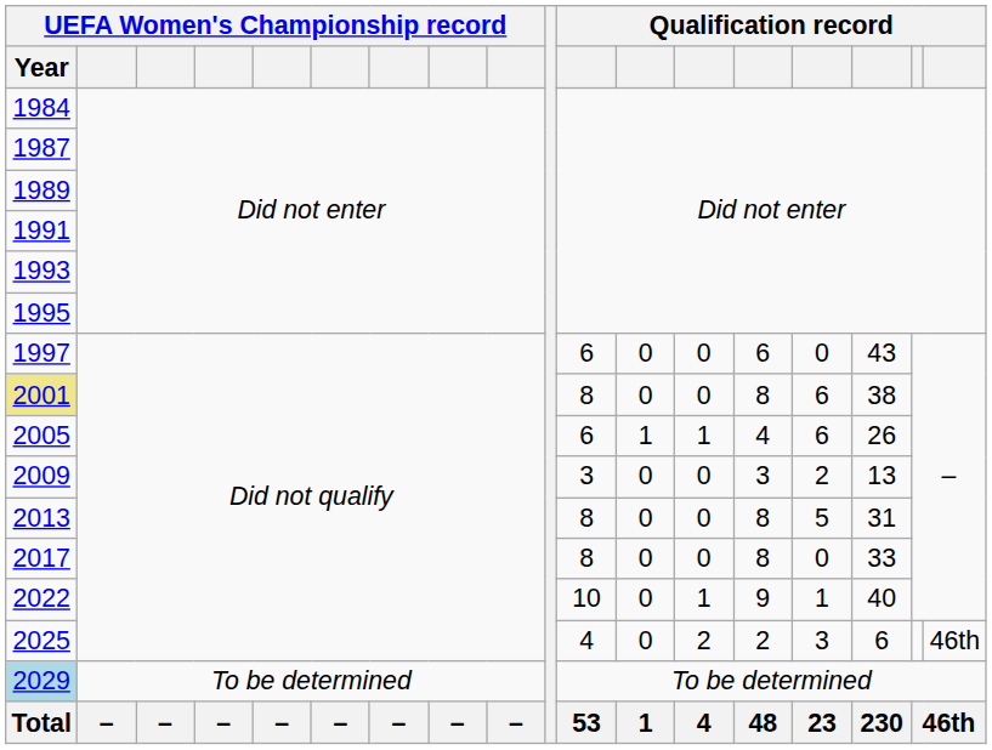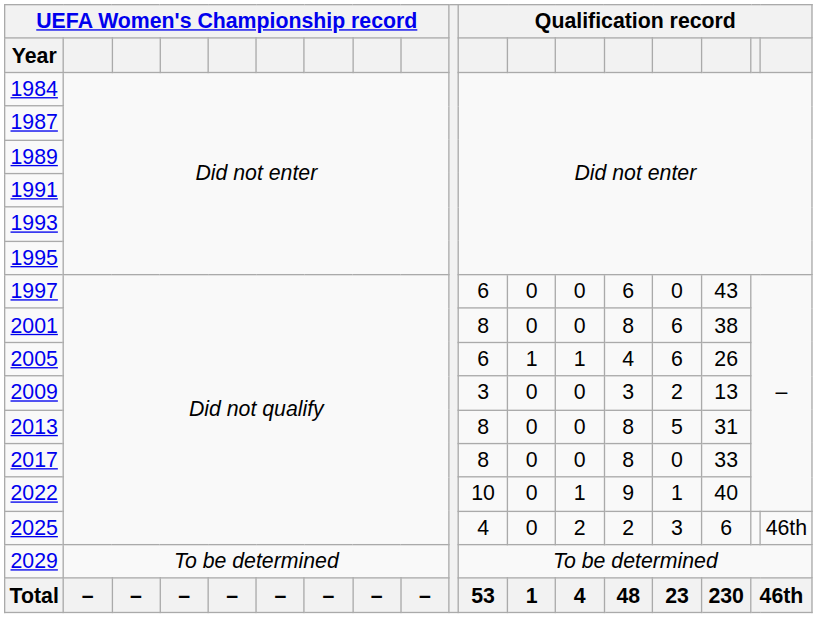 <table class="wikitable" style="text-align: center;">
 <tr>
 <th colspan=9><a href='#'>UEFA Women's Championship record</a></th>
 <th rowspan=100></th>
 <th colspan=8>Qualification record</th>
 </tr>
 <tr>
 <th>Year</th>
 <th width=30></th>
 <th width=30></th>
 <th width=30></th>
 <th width=30></th>
 <th width=30></th>
 <th width=30></th>
 <th width=30></th>
 <th width=30><br></th>
 <th width=30></th>
 <th width=30></th>
 <th width=30></th>
 <th width=30></th>
 <th width=30></th>
 <th width=30></th>
 <th></th>
 <th></th>
 </tr>
 <tr>
 <td>    <a href='#'>1984</a></td>
 <td rowspan=6 colspan=8><em>Did not enter</em></td>
 <td rowspan=6 colspan=8><em>Did not enter</em></td>
 </tr>
 <tr>
 <td> <a href='#'>1987</a></td>
 </tr>
 <tr>
 <td> <a href='#'>1989</a></td>
 </tr>
 <tr>
 <td> <a href='#'>1991</a></td>
 </tr>
 <tr>
 <td> <a href='#'>1993</a></td>
 </tr>
 <tr>
 <td>    <a href='#'>1995</a></td>
 </tr>
 <tr>
 <td>  <a href='#'>1997</a></td>
 <td rowspan=8 colspan=8><em>Did not qualify</em></td>
 <td>6</td>
 <td>0</td>
 <td>0</td>
 <td>6</td>
 <td>0</td>
 <td>43</td>
 <td colspan=2 rowspan=7>–</td>
 </tr>
 <tr>
-<td style="background: khaki;"> <a href='#'>2001</a></td>
+<td> <a href='#'>2001</a></td>
 <td>8</td>
 <td>0</td>
 <td>0</td>
 <td>8</td>
 <td>6</td>
 <td>38</td>
 </tr>
 <tr>
 <td> <a href='#'>2005</a></td>
 <td>6</td>
 <td>1</td>
 <td>1</td>
 <td>4</td>
 <td>6</td>
 <td>26</td>
 </tr>
 <tr>
 <td> <a href='#'>2009</a></td>
 <td>3</td>
 <td>0</td>
 <td>0</td>
 <td>3</td>
 <td>2</td>
 <td>13</td>
 </tr>
 <tr>
 <td> <a href='#'>2013</a></td>
 <td>8</td>
 <td>0</td>
 <td>0</td>
 <td>8</td>
 <td>5</td>
 <td>31</td>
 </tr>
 <tr>
 <td> <a href='#'>2017</a></td>
 <td>8</td>
 <td>0</td>
 <td>0</td>
 <td>8</td>
 <td>0</td>
 <td>33</td>
 </tr>
 <tr>
 <td> <a href='#'>2022</a></td>
 <td>10</td>
 <td>0</td>
 <td>1</td>
 <td>9</td>
 <td>1</td>
 <td>40</td>
 </tr>
 <tr>
 <td> <a href='#'>2025</a></td>
 <td>4</td>
 <td>0</td>
 <td>2</td>
 <td>2</td>
 <td>3</td>
 <td>6</td>
 <td></td>
 <td>46th</td>
 </tr>
 <tr>
-<td style="background: lightblue;"><a href='#'>2029</a></td>
+<td><a href='#'>2029</a></td>
 <td colspan=8><em>To be determined</em></td>
 <td colspan=8><em>To be determined</em></td>
 </tr>
 <tr>
 <th>Total</th>
 <th>–</th>
 <th>–</th>
 <th>–</th>
 <th>–</th>
 <th>–</th>
 <th>–</th>
 <th>–</th>
 <th>–</th>
 <th>53</th>
 <th>1</th>
 <th>4</th>
 <th>48</th>
 <th>23</th>
 <th>230</th>
 <th colspan=2>46th</th>
 </tr>
 </table>
